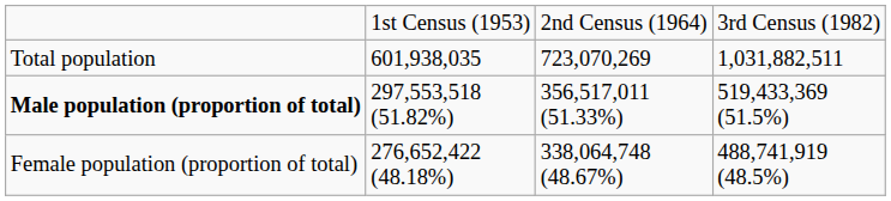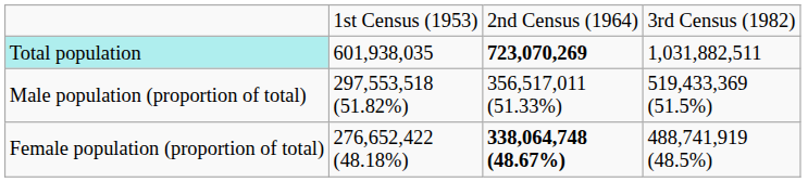 <table class="wikitable">
 <tr>
 <td></td>
 <td>1st Census (1953)</td>
 <td>2nd Census (1964)</td>
 <td>3rd Census (1982)</td>
 </tr>
 <tr>
-<td>Total population</td>
+<td style="background: paleturquoise;">Total population</td>
 <td>601,938,035</td>
-<td>723,070,269</td>
+<td><strong>723,070,269</strong></td>
 <td>1,031,882,511</td>
 </tr>
 <tr>
-<td><strong>Male population (proportion of total)</strong></td>
+<td>Male population (proportion of total)</td>
 <td>297,553,518<br>(51.82%)</td>
 <td>356,517,011<br>(51.33%)</td>
 <td>519,433,369<br>(51.5%)</td>
 </tr>
 <tr>
 <td>Female population (proportion of total)</td>
 <td>276,652,422<br>(48.18%)</td>
-<td>338,064,748<br>(48.67%)</td>
+<td><strong>338,064,748<br>(48.67%)</strong></td>
 <td>488,741,919<br>(48.5%)</td>
 </tr>
 </table>
